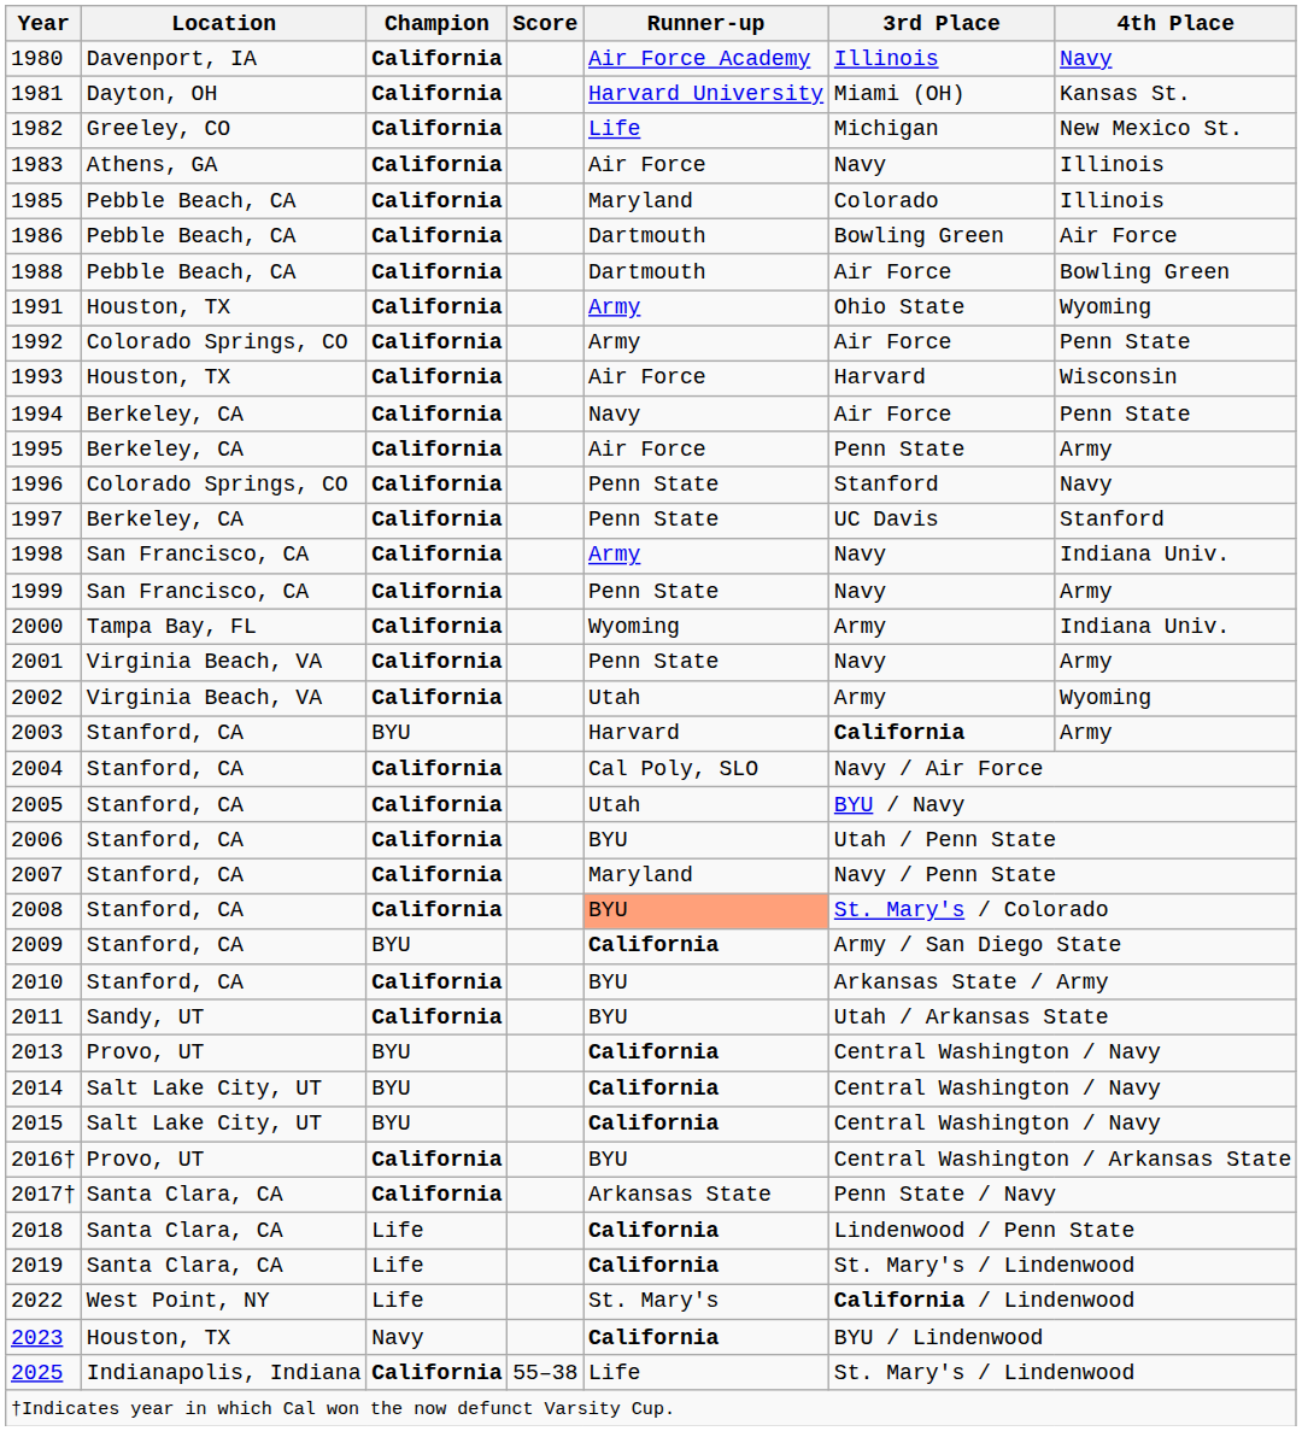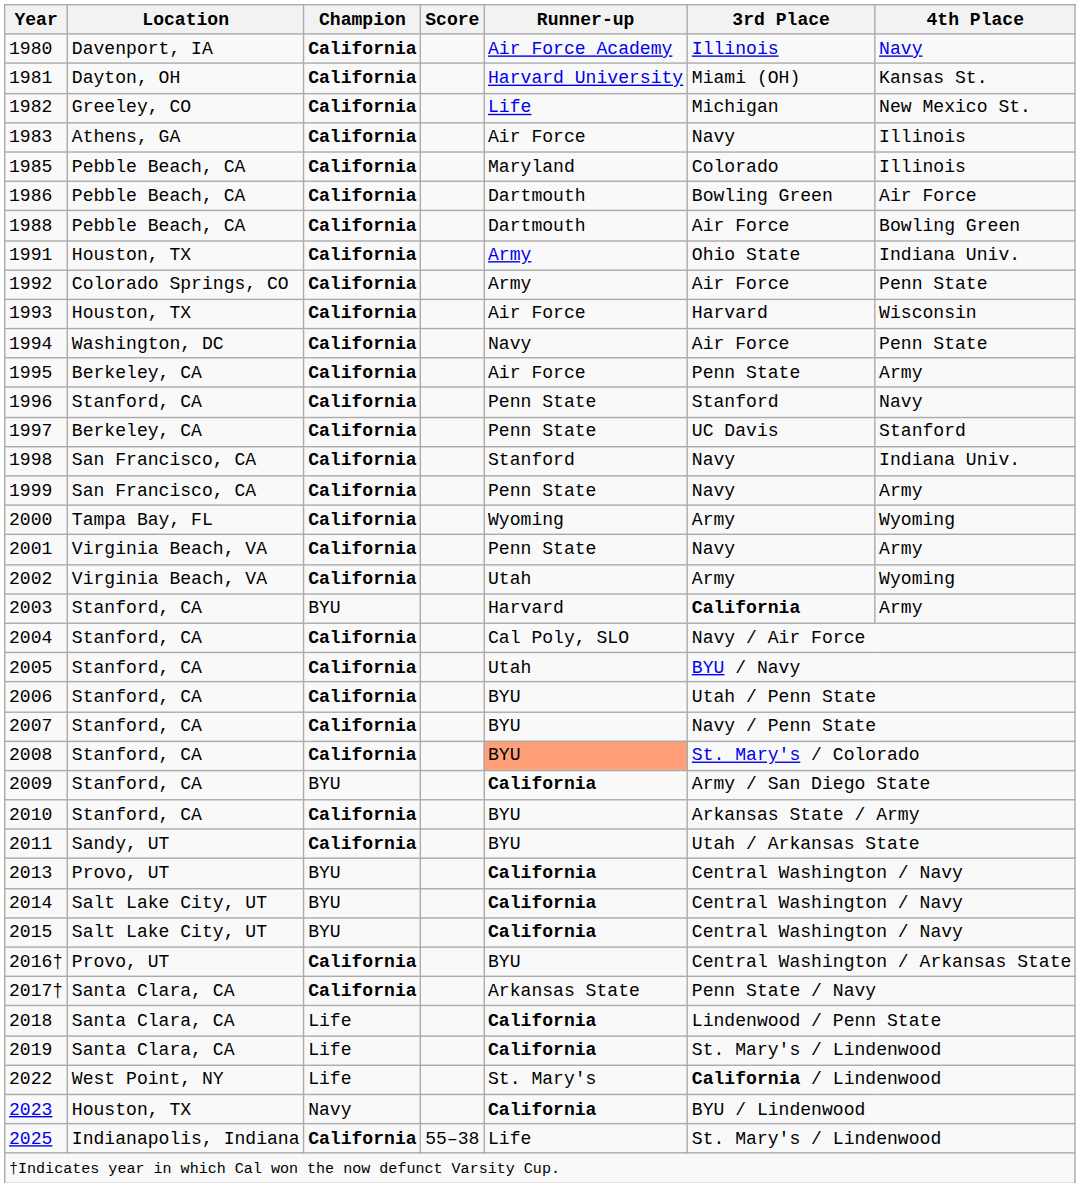 <table class="wikitable sortable">
 <tr>
 <th>Year</th>
 <th>Location</th>
 <th>Champion</th>
 <th>Score</th>
 <th>Runner-up</th>
 <th>3rd Place</th>
 <th>4th Place</th>
 </tr>
 <tr>
 <td>1980</td>
 <td>Davenport, IA</td>
 <td><strong>California</strong></td>
 <td></td>
 <td><a href='#'>Air Force Academy</a></td>
 <td><a href='#'>Illinois</a></td>
 <td><a href='#'>Navy</a></td>
 </tr>
 <tr>
 <td>1981</td>
 <td>Dayton, OH</td>
 <td><strong>California</strong></td>
 <td></td>
 <td><a href='#'>Harvard University</a></td>
 <td>Miami (OH)</td>
 <td>Kansas St.</td>
 </tr>
 <tr>
 <td>1982</td>
 <td>Greeley, CO</td>
 <td><strong>California</strong></td>
 <td></td>
 <td><a href='#'>Life</a></td>
 <td>Michigan</td>
 <td>New Mexico St.</td>
 </tr>
 <tr>
 <td>1983</td>
 <td>Athens, GA</td>
 <td><strong>California</strong></td>
 <td></td>
 <td>Air Force</td>
 <td>Navy</td>
 <td>Illinois</td>
 </tr>
 <tr>
 <td>1985</td>
 <td>Pebble Beach, CA</td>
 <td><strong>California</strong></td>
 <td></td>
 <td>Maryland</td>
 <td>Colorado</td>
 <td>Illinois</td>
 </tr>
 <tr>
 <td>1986</td>
 <td>Pebble Beach, CA</td>
 <td><strong>California</strong></td>
 <td></td>
 <td>Dartmouth</td>
 <td>Bowling Green</td>
 <td>Air Force</td>
 </tr>
 <tr>
 <td>1988</td>
 <td>Pebble Beach, CA</td>
 <td><strong>California</strong></td>
 <td></td>
 <td>Dartmouth</td>
 <td>Air Force</td>
 <td>Bowling Green</td>
 </tr>
 <tr>
 <td>1991</td>
 <td>Houston, TX</td>
 <td><strong>California</strong></td>
 <td></td>
 <td><a href='#'>Army</a></td>
 <td>Ohio State</td>
-<td>Wyoming</td>
+<td>Indiana Univ.</td>
 </tr>
 <tr>
 <td>1992</td>
 <td>Colorado Springs, CO</td>
 <td><strong>California</strong></td>
 <td></td>
 <td>Army</td>
 <td>Air Force</td>
 <td>Penn State</td>
 </tr>
 <tr>
 <td>1993</td>
 <td>Houston, TX</td>
 <td><strong>California</strong></td>
 <td></td>
 <td>Air Force</td>
 <td>Harvard</td>
 <td>Wisconsin</td>
 </tr>
 <tr>
 <td>1994</td>
-<td>Berkeley, CA</td>
+<td>Washington, DC</td>
 <td><strong>California</strong></td>
 <td></td>
 <td>Navy</td>
 <td>Air Force</td>
 <td>Penn State</td>
 </tr>
 <tr>
 <td>1995</td>
 <td>Berkeley, CA</td>
 <td><strong>California</strong></td>
 <td></td>
 <td>Air Force</td>
 <td>Penn State</td>
 <td>Army</td>
 </tr>
 <tr>
 <td>1996</td>
-<td>Colorado Springs, CO</td>
+<td>Stanford, CA</td>
 <td><strong>California</strong></td>
 <td></td>
 <td>Penn State</td>
 <td>Stanford</td>
 <td>Navy</td>
 </tr>
 <tr>
 <td>1997</td>
 <td>Berkeley, CA</td>
 <td><strong>California</strong></td>
 <td></td>
 <td>Penn State</td>
 <td>UC Davis</td>
 <td>Stanford</td>
 </tr>
 <tr>
 <td>1998</td>
 <td>San Francisco, CA</td>
 <td><strong>California</strong></td>
 <td></td>
-<td><a href='#'>Army</a></td>
+<td>Stanford</td>
 <td>Navy</td>
 <td>Indiana Univ.</td>
 </tr>
 <tr>
 <td>1999</td>
 <td>San Francisco, CA</td>
 <td><strong>California</strong></td>
 <td></td>
 <td>Penn State</td>
 <td>Navy</td>
 <td>Army</td>
 </tr>
 <tr>
 <td>2000</td>
 <td>Tampa Bay, FL</td>
 <td><strong>California</strong></td>
 <td></td>
 <td>Wyoming</td>
 <td>Army</td>
-<td>Indiana Univ.</td>
+<td>Wyoming</td>
 </tr>
 <tr>
 <td>2001</td>
 <td>Virginia Beach, VA</td>
 <td><strong>California</strong></td>
 <td></td>
 <td>Penn State</td>
 <td>Navy</td>
 <td>Army</td>
 </tr>
 <tr>
 <td>2002</td>
 <td>Virginia Beach, VA</td>
 <td><strong>California</strong></td>
 <td></td>
 <td>Utah</td>
 <td>Army</td>
 <td>Wyoming</td>
 </tr>
 <tr>
 <td>2003</td>
 <td>Stanford, CA</td>
 <td>BYU</td>
 <td></td>
 <td>Harvard</td>
 <td><strong>California</strong></td>
 <td>Army</td>
 </tr>
 <tr>
 <td>2004</td>
 <td>Stanford, CA</td>
 <td><strong>California</strong></td>
 <td></td>
 <td>Cal Poly, SLO</td>
 <td colspan="2">Navy / Air Force</td>
 </tr>
 <tr>
 <td>2005</td>
 <td>Stanford, CA</td>
 <td><strong>California</strong></td>
 <td></td>
 <td>Utah</td>
 <td colspan="2"><a href='#'>BYU</a> / Navy</td>
 </tr>
 <tr>
 <td>2006</td>
 <td>Stanford, CA</td>
 <td><strong>California</strong></td>
 <td></td>
 <td>BYU</td>
 <td colspan="2">Utah / Penn State</td>
 </tr>
 <tr>
 <td>2007</td>
 <td>Stanford, CA</td>
 <td><strong>California</strong></td>
 <td></td>
-<td>Maryland</td>
+<td>BYU</td>
 <td colspan="2">Navy / Penn State</td>
 </tr>
 <tr>
 <td>2008</td>
 <td>Stanford, CA</td>
 <td><strong>California</strong></td>
 <td></td>
 <td style="background: lightsalmon;">BYU</td>
 <td colspan="2"><a href='#'>St. Mary's</a> / Colorado</td>
 </tr>
 <tr>
 <td>2009</td>
 <td>Stanford, CA</td>
 <td>BYU</td>
 <td></td>
 <td><strong>California</strong></td>
 <td colspan="2">Army / San Diego State</td>
 </tr>
 <tr>
 <td>2010</td>
 <td>Stanford, CA</td>
 <td><strong>California</strong></td>
 <td></td>
 <td>BYU</td>
 <td colspan="2">Arkansas State / Army</td>
 </tr>
 <tr>
 <td>2011</td>
 <td>Sandy, UT</td>
 <td><strong>California</strong></td>
 <td></td>
 <td>BYU</td>
 <td colspan="2">Utah / Arkansas State</td>
 </tr>
 <tr>
 <td>2013</td>
 <td>Provo, UT</td>
 <td>BYU</td>
 <td></td>
 <td><strong>California</strong></td>
 <td colspan="2">Central Washington / Navy</td>
 </tr>
 <tr>
 <td>2014</td>
 <td>Salt Lake City, UT</td>
 <td>BYU</td>
 <td></td>
 <td><strong>California</strong></td>
 <td colspan="2">Central Washington / Navy</td>
 </tr>
 <tr>
 <td>2015</td>
 <td>Salt Lake City, UT</td>
 <td>BYU</td>
 <td></td>
 <td><strong>California</strong></td>
 <td colspan="2">Central Washington / Navy</td>
 </tr>
 <tr>
 <td>2016†</td>
 <td>Provo, UT</td>
 <td><strong>California</strong></td>
 <td></td>
 <td>BYU</td>
 <td colspan="2">Central Washington / Arkansas State</td>
 </tr>
 <tr>
 <td>2017†</td>
 <td>Santa Clara, CA</td>
 <td><strong>California</strong></td>
 <td></td>
 <td>Arkansas State</td>
 <td colspan="2">Penn State / Navy</td>
 </tr>
 <tr>
 <td>2018</td>
 <td>Santa Clara, CA</td>
 <td>Life</td>
 <td></td>
 <td><strong>California</strong></td>
 <td colspan="2">Lindenwood / Penn State</td>
 </tr>
 <tr>
 <td>2019</td>
 <td>Santa Clara, CA</td>
 <td>Life</td>
 <td></td>
 <td><strong>California</strong></td>
 <td colspan="2">St. Mary's / Lindenwood</td>
 </tr>
 <tr>
 <td>2022</td>
 <td>West Point, NY</td>
 <td>Life</td>
 <td></td>
 <td>St. Mary's</td>
 <td colspan="2"><strong>California</strong> / Lindenwood</td>
 </tr>
 <tr>
 <td><a href='#'>2023</a></td>
 <td>Houston, TX</td>
 <td>Navy</td>
 <td></td>
 <td><strong>California</strong></td>
 <td colspan="2">BYU / Lindenwood</td>
 </tr>
 <tr>
 <td><a href='#'>2025</a></td>
 <td>Indianapolis, Indiana</td>
 <td><strong>California</strong></td>
 <td align=center>55–38</td>
 <td>Life</td>
 <td colspan=2>St. Mary's / Lindenwood</td>
 </tr>
 <tr>
 <td colspan=7><small>†Indicates year in which Cal won the now defunct Varsity Cup.</small></td>
 </tr>
 </table>
